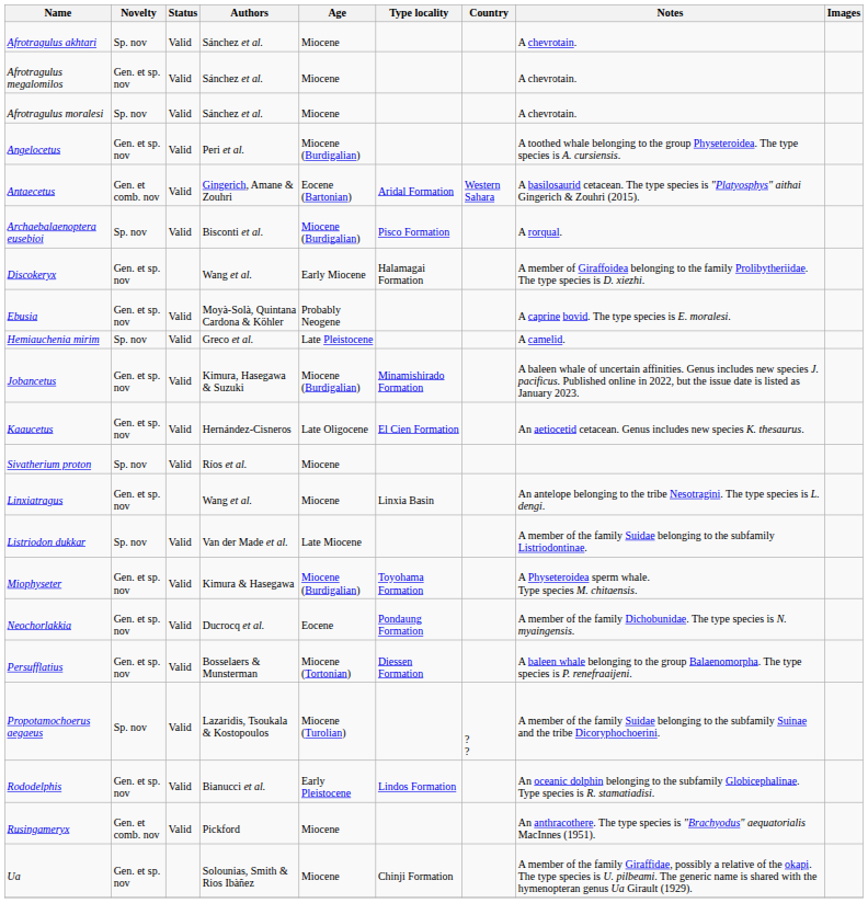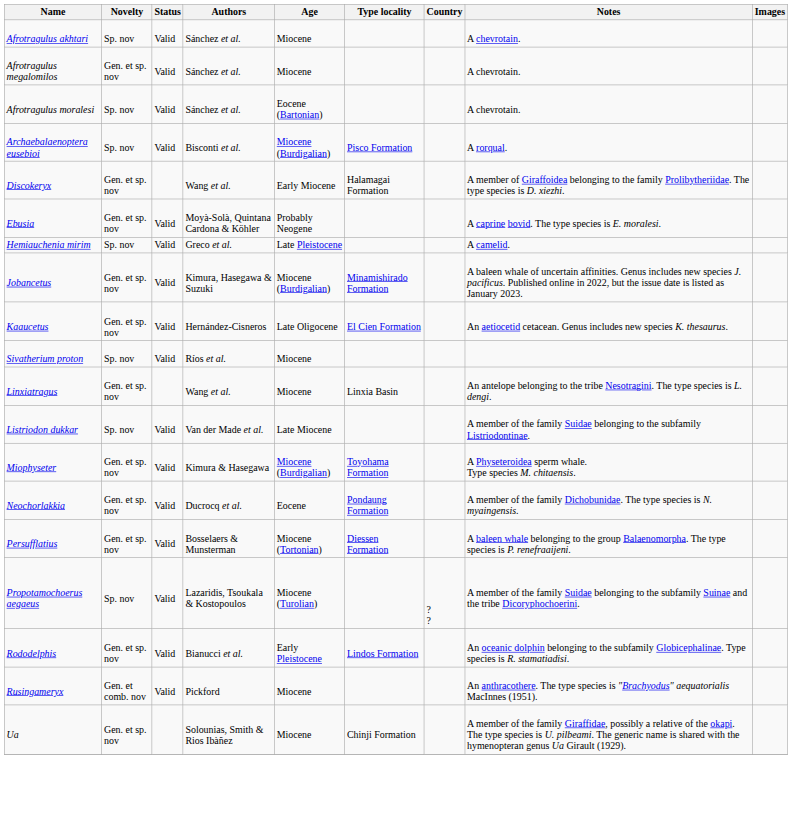 <table class="wikitable sortable" align="center" width="100%">
 <tr>
 <th>Name</th>
 <th>Novelty</th>
 <th>Status</th>
 <th>Authors</th>
 <th>Age</th>
 <th>Type locality</th>
 <th>Country</th>
 <th>Notes</th>
 <th>Images</th>
 </tr>
 <tr>
 <td><br><em><a href='#'>Afrotragulus akhtari</a></em></td>
 <td><br>Sp. nov</td>
 <td><br>Valid</td>
 <td><br>Sánchez <em>et al.</em></td>
 <td><br>Miocene</td>
 <td></td>
 <td><br></td>
 <td><br>A <a href='#'>chevrotain</a>.</td>
 <td></td>
 </tr>
 <tr>
 <td><br><em>Afrotragulus megalomilos</em></td>
 <td><br>Gen. et sp. nov</td>
 <td><br>Valid</td>
 <td><br>Sánchez <em>et al.</em></td>
 <td><br>Miocene</td>
 <td></td>
 <td><br></td>
 <td><br>A chevrotain.</td>
 <td></td>
 </tr>
 <tr>
 <td><br><em>Afrotragulus moralesi</em></td>
 <td><br>Sp. nov</td>
 <td><br>Valid</td>
 <td><br>Sánchez <em>et al.</em></td>
-<td><br>Miocene</td>
+<td><br>Eocene (<a href='#'>Bartonian</a>)</td>
 <td></td>
 <td><br></td>
 <td><br>A chevrotain.</td>
-<td></td>
-</tr>
-<tr>
-<td><br><em><a href='#'>Angelocetus</a></em></td>
-<td><br>Gen. et sp. nov</td>
-<td><br>Valid</td>
-<td><br>Peri <em>et al.</em></td>
-<td><br>Miocene (<a href='#'>Burdigalian</a>)</td>
-<td></td>
-<td><br></td>
-<td><br>A toothed whale belonging to the group <a href='#'>Physeteroidea</a>. The type species is <em>A. cursiensis</em>.</td>
-<td></td>
-</tr>
-<tr>
-<td><br><em><a href='#'>Antaecetus</a></em></td>
-<td><br>Gen. et comb. nov</td>
-<td><br>Valid</td>
-<td><br><a href='#'>Gingerich</a>, Amane & Zouhri</td>
-<td><br>Eocene (<a href='#'>Bartonian</a>)</td>
-<td><br><a href='#'>Aridal Formation</a></td>
-<td><br><a href='#'>Western Sahara</a></td>
-<td><br>A <a href='#'>basilosaurid</a> cetacean. The type species is <em>"<a href='#'>Platyosphys</a>" aithai</em> Gingerich & Zouhri (2015).</td>
 <td></td>
 </tr>
 <tr>
 <td><br><em><a href='#'>Archaebalaenoptera eusebioi</a></em></td>
 <td><br>Sp. nov</td>
 <td><br>Valid</td>
 <td><br>Bisconti <em>et al.</em></td>
 <td><br><a href='#'>Miocene</a> (<a href='#'>Burdigalian</a>)</td>
 <td><br><a href='#'>Pisco Formation</a></td>
 <td><br></td>
 <td><br>A <a href='#'>rorqual</a>.</td>
 <td></td>
 </tr>
 <tr>
 <td><br><em><a href='#'>Discokeryx</a></em></td>
 <td><br>Gen. et sp. nov</td>
 <td></td>
 <td><br>Wang <em>et al.</em></td>
 <td><br>Early Miocene</td>
 <td><br>Halamagai Formation</td>
 <td><br></td>
 <td><br>A member of <a href='#'>Giraffoidea</a> belonging to the family <a href='#'>Prolibytheriidae</a>. The type species is <em>D. xiezhi</em>.</td>
 <td></td>
 </tr>
 <tr>
 <td><br><em><a href='#'>Ebusia</a></em></td>
 <td><br>Gen. et sp. nov</td>
 <td><br>Valid</td>
 <td><br>Moyà-Solà, Quintana Cardona & Köhler</td>
 <td><br>Probably Neogene</td>
 <td></td>
 <td><br></td>
 <td><br>A <a href='#'>caprine</a> <a href='#'>bovid</a>. The type species is <em>E. moralesi</em>.</td>
 <td></td>
 </tr>
 <tr>
 <td><a href='#'><em>Hemiauchenia mirim</em></a></td>
 <td>Sp. nov</td>
 <td>Valid</td>
 <td>Greco <em>et al.</em></td>
 <td>Late <a href='#'>Pleistocene</a></td>
 <td></td>
 <td></td>
 <td>A <a href='#'>camelid</a>.</td>
 <td></td>
 </tr>
 <tr>
 <td><br><em><a href='#'>Jobancetus</a></em></td>
 <td><br>Gen. et sp. nov</td>
 <td><br>Valid</td>
 <td><br>Kimura, Hasegawa & Suzuki</td>
 <td><br>Miocene (<a href='#'>Burdigalian</a>)</td>
 <td><br><a href='#'>Minamishirado Formation</a></td>
 <td><br></td>
 <td><br>A baleen whale of uncertain affinities. Genus includes new species <em>J. pacificus</em>. Published online in 2022, but the issue date is listed as January 2023.</td>
 <td></td>
 </tr>
 <tr>
 <td><br><em><a href='#'>Kaaucetus</a></em></td>
 <td><br>Gen. et sp. nov</td>
 <td><br>Valid</td>
 <td><br>Hernández-Cisneros</td>
 <td><br>Late Oligocene</td>
 <td><br><a href='#'>El Cien Formation</a></td>
 <td><br></td>
 <td><br>An <a href='#'>aetiocetid</a> cetacean. Genus includes new species <em>K. thesaurus</em>.</td>
 <td></td>
 </tr>
 <tr>
 <td><br><em><a href='#'>Sivatherium proton</a></em></td>
 <td><br>Sp. nov</td>
 <td><br>Valid</td>
 <td><br>Ríos <em>et al.</em></td>
 <td><br>Miocene</td>
 <td></td>
 <td><br></td>
 <td></td>
 <td></td>
 </tr>
 <tr>
 <td><br><em><a href='#'>Linxiatragus</a></em></td>
 <td><br>Gen. et sp. nov</td>
 <td></td>
 <td><br>Wang <em>et al.</em></td>
 <td><br>Miocene</td>
 <td><br>Linxia Basin</td>
 <td><br></td>
 <td><br>An antelope belonging to the tribe <a href='#'>Nesotragini</a>. The type species is <em>L. dengi</em>.</td>
 <td></td>
 </tr>
 <tr>
 <td><br><em><a href='#'>Listriodon dukkar</a></em></td>
 <td><br>Sp. nov</td>
 <td><br>Valid</td>
 <td><br>Van der Made <em>et al.</em></td>
 <td><br>Late Miocene</td>
 <td></td>
 <td><br></td>
 <td><br>A member of the family <a href='#'>Suidae</a> belonging to the subfamily <a href='#'>Listriodontinae</a>.</td>
 <td></td>
 </tr>
 <tr>
 <td><br><em><a href='#'>Miophyseter</a></em></td>
 <td><br>Gen. et sp. nov</td>
 <td><br>Valid</td>
 <td><br>Kimura & Hasegawa</td>
 <td><br><a href='#'>Miocene</a> (<a href='#'>Burdigalian</a>)</td>
 <td><br><a href='#'>Toyohama Formation</a></td>
 <td><br></td>
 <td><br>A <a href='#'>Physeteroidea</a> sperm whale.<br> Type species <em>M. chitaensis</em>.</td>
 <td></td>
 </tr>
 <tr>
 <td><br><em><a href='#'>Neochorlakkia</a></em></td>
 <td><br>Gen. et sp. nov</td>
 <td><br>Valid</td>
 <td><br>Ducrocq <em>et al.</em></td>
 <td><br>Eocene</td>
 <td><br><a href='#'>Pondaung Formation</a></td>
 <td><br></td>
 <td><br>A member of the family <a href='#'>Dichobunidae</a>. The type species is <em>N. myaingensis</em>.</td>
 <td></td>
 </tr>
 <tr>
 <td><br><em><a href='#'>Persufflatius</a></em></td>
 <td><br>Gen. et sp. nov</td>
 <td><br>Valid</td>
 <td><br>Bosselaers & Munsterman</td>
 <td><br>Miocene (<a href='#'>Tortonian</a>)</td>
 <td><br><a href='#'>Diessen Formation</a></td>
 <td><br></td>
 <td><br>A <a href='#'>baleen whale</a> belonging to the group <a href='#'>Balaenomorpha</a>. The type species is <em>P. renefraaijeni</em>.</td>
 <td></td>
 </tr>
 <tr>
 <td><br><em><a href='#'>Propotamochoerus aegaeus</a></em></td>
 <td><br>Sp. nov</td>
 <td><br>Valid</td>
 <td><br>Lazaridis, Tsoukala & Kostopoulos</td>
 <td><br>Miocene (<a href='#'>Turolian</a>)</td>
 <td></td>
 <td><br><br> <br> <br> ?<br> ?</td>
 <td><br>A member of the family <a href='#'>Suidae</a> belonging to the subfamily <a href='#'>Suinae</a> and the tribe <a href='#'>Dicoryphochoerini</a>.</td>
 <td></td>
 </tr>
 <tr>
 <td><br><em><a href='#'>Rododelphis</a></em></td>
 <td><br>Gen. et sp. nov</td>
 <td><br>Valid</td>
 <td><br>Bianucci <em>et al.</em></td>
 <td><br>Early <a href='#'>Pleistocene</a></td>
 <td><br><a href='#'>Lindos Formation</a></td>
 <td><br></td>
 <td><br>An <a href='#'>oceanic dolphin</a> belonging to the subfamily <a href='#'>Globicephalinae</a>. Type species is <em>R. stamatiadisi</em>.</td>
 <td></td>
 </tr>
 <tr>
 <td><br><em><a href='#'>Rusingameryx</a></em></td>
 <td><br>Gen. et comb. nov</td>
 <td><br>Valid</td>
 <td><br>Pickford</td>
 <td><br>Miocene</td>
 <td></td>
 <td><br><br> <br> </td>
 <td><br>An <a href='#'>anthracothere</a>. The type species is <em>"<a href='#'>Brachyodus</a>" aequatorialis</em> MacInnes (1951).</td>
 <td></td>
 </tr>
 <tr>
 <td><br><em>Ua</em></td>
 <td><br>Gen. et sp. nov</td>
 <td></td>
 <td><br>Solounias, Smith & Rios Ibàñez</td>
 <td><br>Miocene</td>
 <td><br>Chinji Formation</td>
 <td><br></td>
 <td><br>A member of the family <a href='#'>Giraffidae</a>, possibly a relative of the <a href='#'>okapi</a>. The type species is <em>U. pilbeami</em>. The generic name is shared with the hymenopteran genus <em>Ua</em> Girault (1929).</td>
 <td></td>
 </tr>
 <tr>
 </tr>
 </table>
